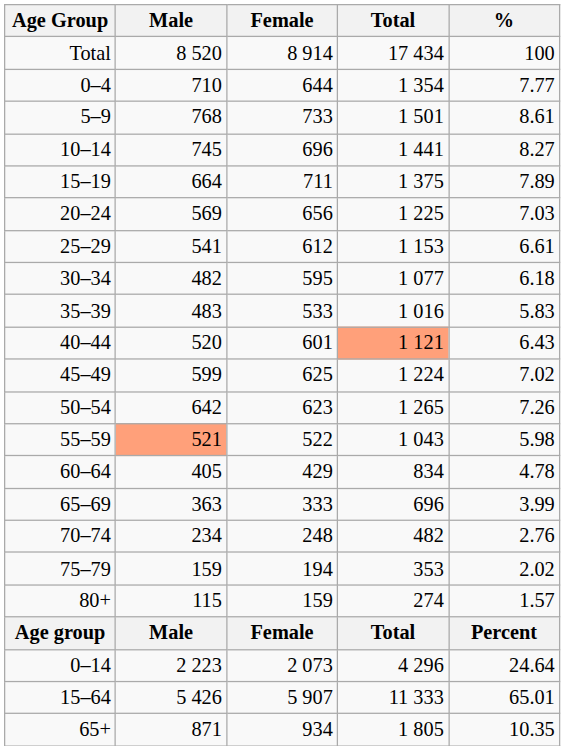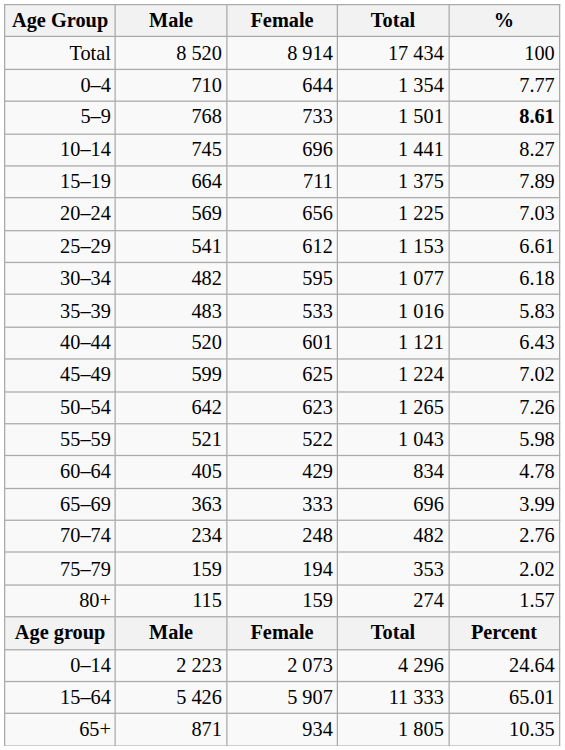 <table class="wikitable">
 <tr>
 <th width="80pt">Age Group</th>
 <th width="80pt">Male</th>
 <th width="80pt">Female</th>
 <th width="80pt">Total</th>
 <th width="80pt">%</th>
 </tr>
 <tr>
 <td align="right">Total</td>
 <td align="right">8 520</td>
 <td align="right">8 914</td>
 <td align="right">17 434</td>
 <td align="right">100</td>
 </tr>
 <tr>
 <td align="right">0–4</td>
 <td align="right">710</td>
 <td align="right">644</td>
 <td align="right">1 354</td>
 <td align="right">7.77</td>
 </tr>
 <tr>
 <td align="right">5–9</td>
 <td align="right">768</td>
 <td align="right">733</td>
 <td align="right">1 501</td>
-<td align="right">8.61</td>
+<td align="right"><strong>8.61</strong></td>
 </tr>
 <tr>
 <td align="right">10–14</td>
 <td align="right">745</td>
 <td align="right">696</td>
 <td align="right">1 441</td>
 <td align="right">8.27</td>
 </tr>
 <tr>
 <td align="right">15–19</td>
 <td align="right">664</td>
 <td align="right">711</td>
 <td align="right">1 375</td>
 <td align="right">7.89</td>
 </tr>
 <tr>
 <td align="right">20–24</td>
 <td align="right">569</td>
 <td align="right">656</td>
 <td align="right">1 225</td>
 <td align="right">7.03</td>
 </tr>
 <tr>
 <td align="right">25–29</td>
 <td align="right">541</td>
 <td align="right">612</td>
 <td align="right">1 153</td>
 <td align="right">6.61</td>
 </tr>
 <tr>
 <td align="right">30–34</td>
 <td align="right">482</td>
 <td align="right">595</td>
 <td align="right">1 077</td>
 <td align="right">6.18</td>
 </tr>
 <tr>
 <td align="right">35–39</td>
 <td align="right">483</td>
 <td align="right">533</td>
 <td align="right">1 016</td>
 <td align="right">5.83</td>
 </tr>
 <tr>
 <td align="right">40–44</td>
 <td align="right">520</td>
 <td align="right">601</td>
-<td align="right" style="background: lightsalmon;">1 121</td>
+<td align="right">1 121</td>
 <td align="right">6.43</td>
 </tr>
 <tr>
 <td align="right">45–49</td>
 <td align="right">599</td>
 <td align="right">625</td>
 <td align="right">1 224</td>
 <td align="right">7.02</td>
 </tr>
 <tr>
 <td align="right">50–54</td>
 <td align="right">642</td>
 <td align="right">623</td>
 <td align="right">1 265</td>
 <td align="right">7.26</td>
 </tr>
 <tr>
 <td align="right">55–59</td>
-<td align="right" style="background: lightsalmon;">521</td>
+<td align="right">521</td>
 <td align="right">522</td>
 <td align="right">1 043</td>
 <td align="right">5.98</td>
 </tr>
 <tr>
 <td align="right">60–64</td>
 <td align="right">405</td>
 <td align="right">429</td>
 <td align="right">834</td>
 <td align="right">4.78</td>
 </tr>
 <tr>
 <td align="right">65–69</td>
 <td align="right">363</td>
 <td align="right">333</td>
 <td align="right">696</td>
 <td align="right">3.99</td>
 </tr>
 <tr>
 <td align="right">70–74</td>
 <td align="right">234</td>
 <td align="right">248</td>
 <td align="right">482</td>
 <td align="right">2.76</td>
 </tr>
 <tr>
 <td align="right">75–79</td>
 <td align="right">159</td>
 <td align="right">194</td>
 <td align="right">353</td>
 <td align="right">2.02</td>
 </tr>
 <tr>
 <td align="right">80+</td>
 <td align="right">115</td>
 <td align="right">159</td>
 <td align="right">274</td>
 <td align="right">1.57</td>
 </tr>
 <tr>
 <th width="50">Age group</th>
 <th width="80pt">Male</th>
 <th width="80">Female</th>
 <th width="80">Total</th>
 <th width="50">Percent</th>
 </tr>
 <tr>
 <td align="right">0–14</td>
 <td align="right">2 223</td>
 <td align="right">2 073</td>
 <td align="right">4 296</td>
 <td align="right">24.64</td>
 </tr>
 <tr>
 <td align="right">15–64</td>
 <td align="right">5 426</td>
 <td align="right">5 907</td>
 <td align="right">11 333</td>
 <td align="right">65.01</td>
 </tr>
 <tr>
 <td align="right">65+</td>
 <td align="right">871</td>
 <td align="right">934</td>
 <td align="right">1 805</td>
 <td align="right">10.35</td>
 </tr>
 <tr>
 </tr>
 </table>
